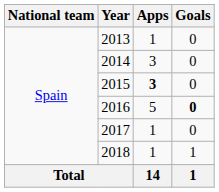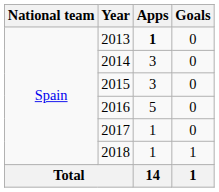 <table class="wikitable" style="text-align:center">
 <tr>
 <th>National team</th>
 <th>Year</th>
 <th>Apps</th>
 <th>Goals</th>
 </tr>
 <tr>
 <td rowspan="6"><a href='#'>Spain</a></td>
 <td>2013</td>
-<td>1</td>
+<td><strong>1</strong></td>
 <td>0</td>
 </tr>
 <tr>
 <td>2014</td>
 <td>3</td>
 <td>0</td>
 </tr>
 <tr>
 <td>2015</td>
-<td><strong>3</strong></td>
+<td>3</td>
 <td>0</td>
 </tr>
 <tr>
 <td>2016</td>
 <td>5</td>
-<td><strong>0</strong></td>
+<td>0</td>
 </tr>
 <tr>
 <td>2017</td>
 <td>1</td>
 <td>0</td>
 </tr>
 <tr>
 <td>2018</td>
 <td>1</td>
 <td>1</td>
 </tr>
 <tr>
 <th colspan="2">Total</th>
 <th>14</th>
 <th>1</th>
 </tr>
 </table>
